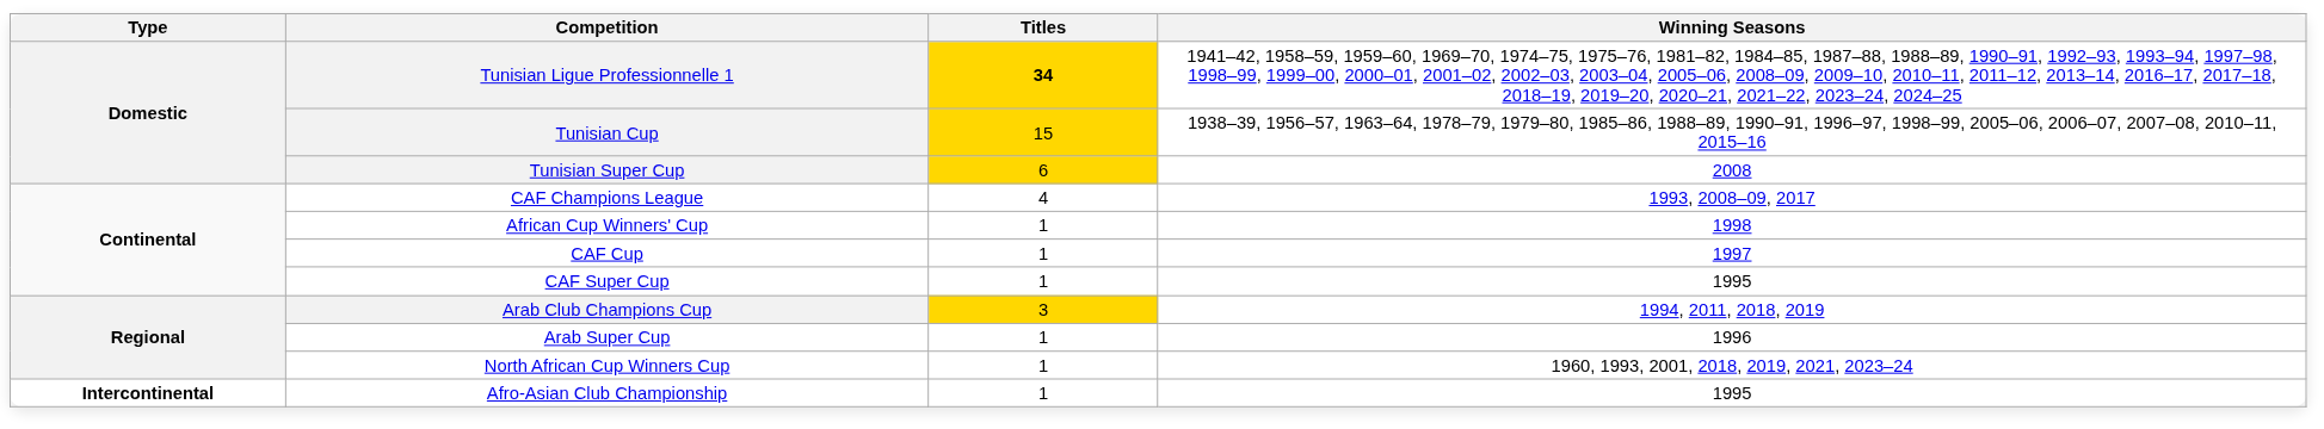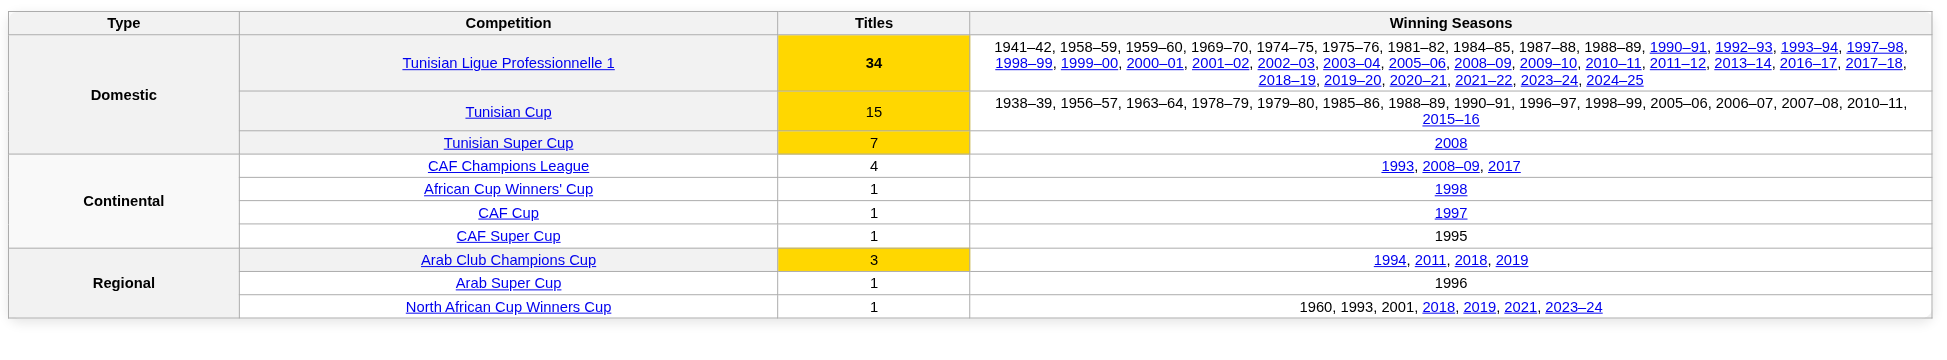 <table class="wikitable" style="border: 1px solid rgba(0, 0, 0, 0.15); font-size: 95%; text-align: center; width: 100%; background-color: #ffffff; border-radius: 12px; box-shadow: 0px 4px 12px rgba(0, 0, 0, 0.1); font-family: 'Arial', sans-serif; border-collapse: collapse;">
 <tr>
 <th width="12%" style="font-weight: bold; background-color: #f2f2f2; border-radius: 8px 0 0 0;">Type</th>
 <th width="28%" style="font-weight: bold; background-color: #f2f2f2;">Competition</th>
 <th width="10%" style="font-weight: bold; background-color: #f2f2f2;">Titles</th>
 <th width="50%" style="font-weight: bold; background-color: #f2f2f2; border-radius: 0 8px 0 0;">Winning Seasons</th>
 </tr>
 <tr>
 <td rowspan="3" style="background-color: #f2f2f2;"><strong>Domestic</strong></td>
 <td style="background-color: #f2f2f2;"><a href='#'>Tunisian Ligue Professionnelle 1</a></td>
 <td bgcolor="gold"><strong>34</strong></td>
 <td>1941–42, 1958–59, 1959–60, 1969–70, 1974–75, 1975–76, 1981–82, 1984–85, 1987–88, 1988–89, <a href='#'>1990–91</a>, <a href='#'>1992–93</a>, <a href='#'>1993–94</a>, <a href='#'>1997–98</a>, <a href='#'>1998–99</a>, <a href='#'>1999–00</a>, <a href='#'>2000–01</a>, <a href='#'>2001–02</a>, <a href='#'>2002–03</a>, <a href='#'>2003–04</a>, <a href='#'>2005–06</a>, <a href='#'>2008–09</a>, <a href='#'>2009–10</a>, <a href='#'>2010–11</a>, <a href='#'>2011–12</a>, <a href='#'>2013–14</a>, <a href='#'>2016–17</a>, <a href='#'>2017–18</a>, <a href='#'>2018–19</a>, <a href='#'>2019–20</a>, <a href='#'>2020–21</a>, <a href='#'>2021–22</a>, <a href='#'>2023–24</a>, <a href='#'>2024–25</a></td>
 </tr>
 <tr>
 <td style="background-color: #f2f2f2;"><a href='#'>Tunisian Cup</a></td>
 <td bgcolor="gold">15</td>
 <td>1938–39, 1956–57, 1963–64, 1978–79, 1979–80, 1985–86, 1988–89, 1990–91, 1996–97, 1998–99, 2005–06, 2006–07, 2007–08, 2010–11, <a href='#'>2015–16</a></td>
 </tr>
 <tr>
 <td style="background-color: #f2f2f2;"><a href='#'>Tunisian Super Cup</a></td>
-<td bgcolor="gold">6</td>
+<td bgcolor="gold">7</td>
 <td><a href='#'>2008</a></td>
 </tr>
 <tr>
 <td rowspan="4" style="background-color: #f9f9f9;"><strong>Continental</strong></td>
 <td><a href='#'>CAF Champions League</a></td>
 <td>4</td>
 <td><a href='#'>1993</a>, <a href='#'>2008–09</a>, <a href='#'>2017</a></td>
 </tr>
 <tr>
 <td><a href='#'>African Cup Winners' Cup</a></td>
 <td>1</td>
 <td><a href='#'>1998</a></td>
 </tr>
 <tr>
 <td><a href='#'>CAF Cup</a></td>
 <td>1</td>
 <td><a href='#'>1997</a></td>
 </tr>
 <tr>
 <td><a href='#'>CAF Super Cup</a></td>
 <td>1</td>
 <td>1995</td>
 </tr>
 <tr>
 <td rowspan="3" style="background-color: #f2f2f2;"><strong>Regional</strong></td>
 <td style="background-color: #f2f2f2;"><a href='#'>Arab Club Champions Cup</a></td>
 <td bgcolor="gold">3</td>
 <td><a href='#'>1994</a>, <a href='#'>2011</a>, <a href='#'>2018</a>, <a href='#'>2019</a></td>
 </tr>
 <tr>
 <td><a href='#'>Arab Super Cup</a></td>
 <td>1</td>
 <td>1996</td>
 </tr>
 <tr>
 <td><a href='#'>North African Cup Winners Cup</a></td>
 <td>1</td>
 <td>1960, 1993, 2001, <a href='#'>2018</a>, <a href='#'>2019</a>, <a href='#'>2021</a>, <a href='#'>2023–24</a></td>
 </tr>
-<tr>
-<td><strong>Intercontinental</strong></td>
-<td><a href='#'>Afro-Asian Club Championship</a></td>
-<td>1</td>
-<td>1995</td>
-</tr>
 </table>
